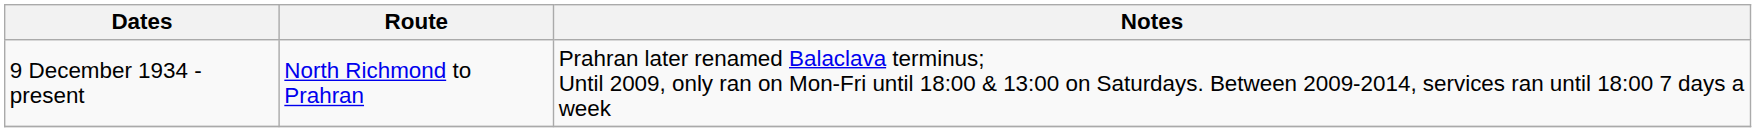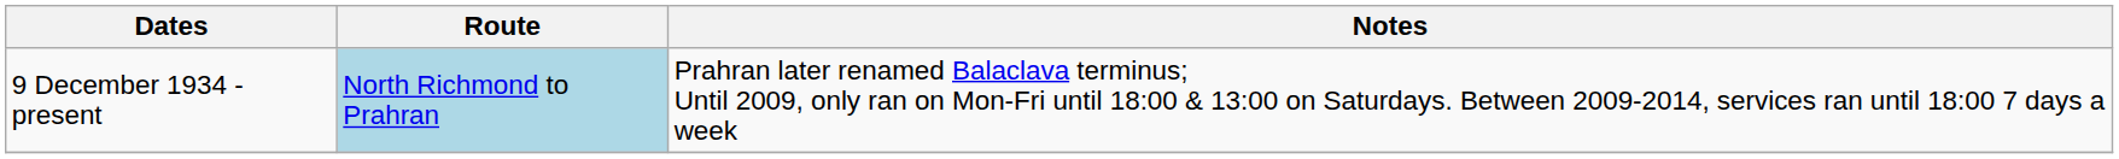 <table class="wikitable sortable">
 <tr>
 <th>Dates</th>
 <th>Route</th>
 <th>Notes</th>
 </tr>
 <tr>
 <td>9 December 1934 - present</td>
-<td><a href='#'>North Richmond</a> to <a href='#'>Prahran</a></td>
+<td style="background: lightblue;"><a href='#'>North Richmond</a> to <a href='#'>Prahran</a></td>
 <td>Prahran later renamed <a href='#'>Balaclava</a> terminus;<br>Until 2009, only ran on Mon-Fri until 18:00 & 13:00 on Saturdays. Between 2009-2014, services ran until 18:00 7 days a week</td>
 </tr>
 <tr>
 </tr>
 </table>
